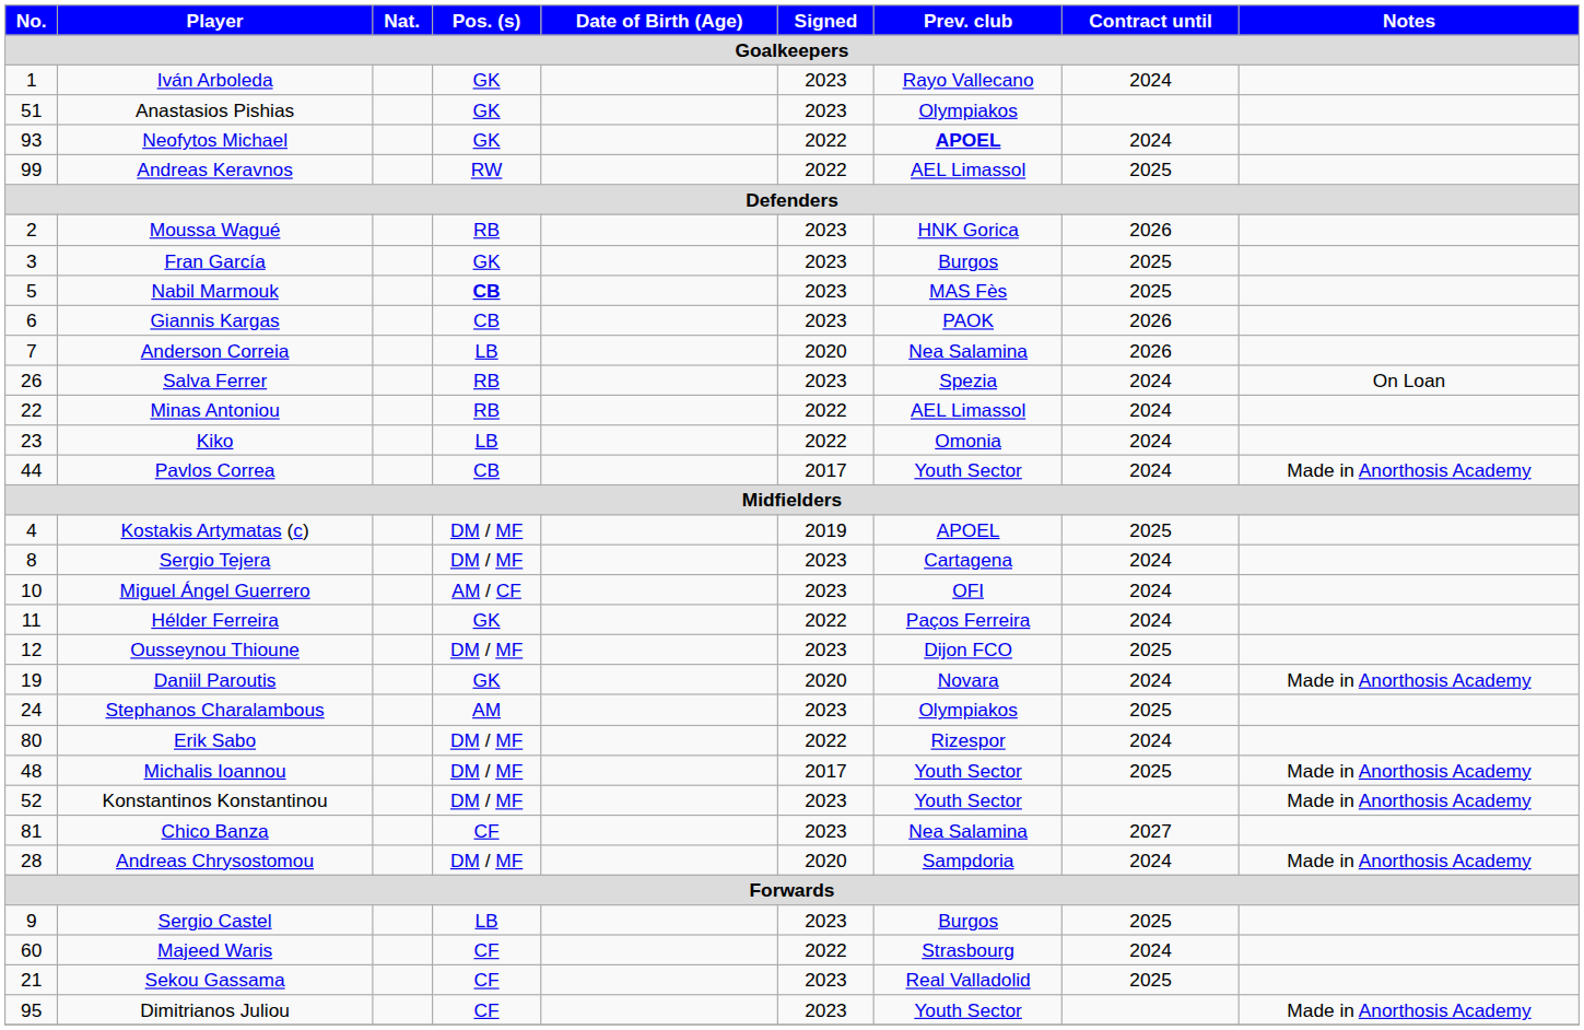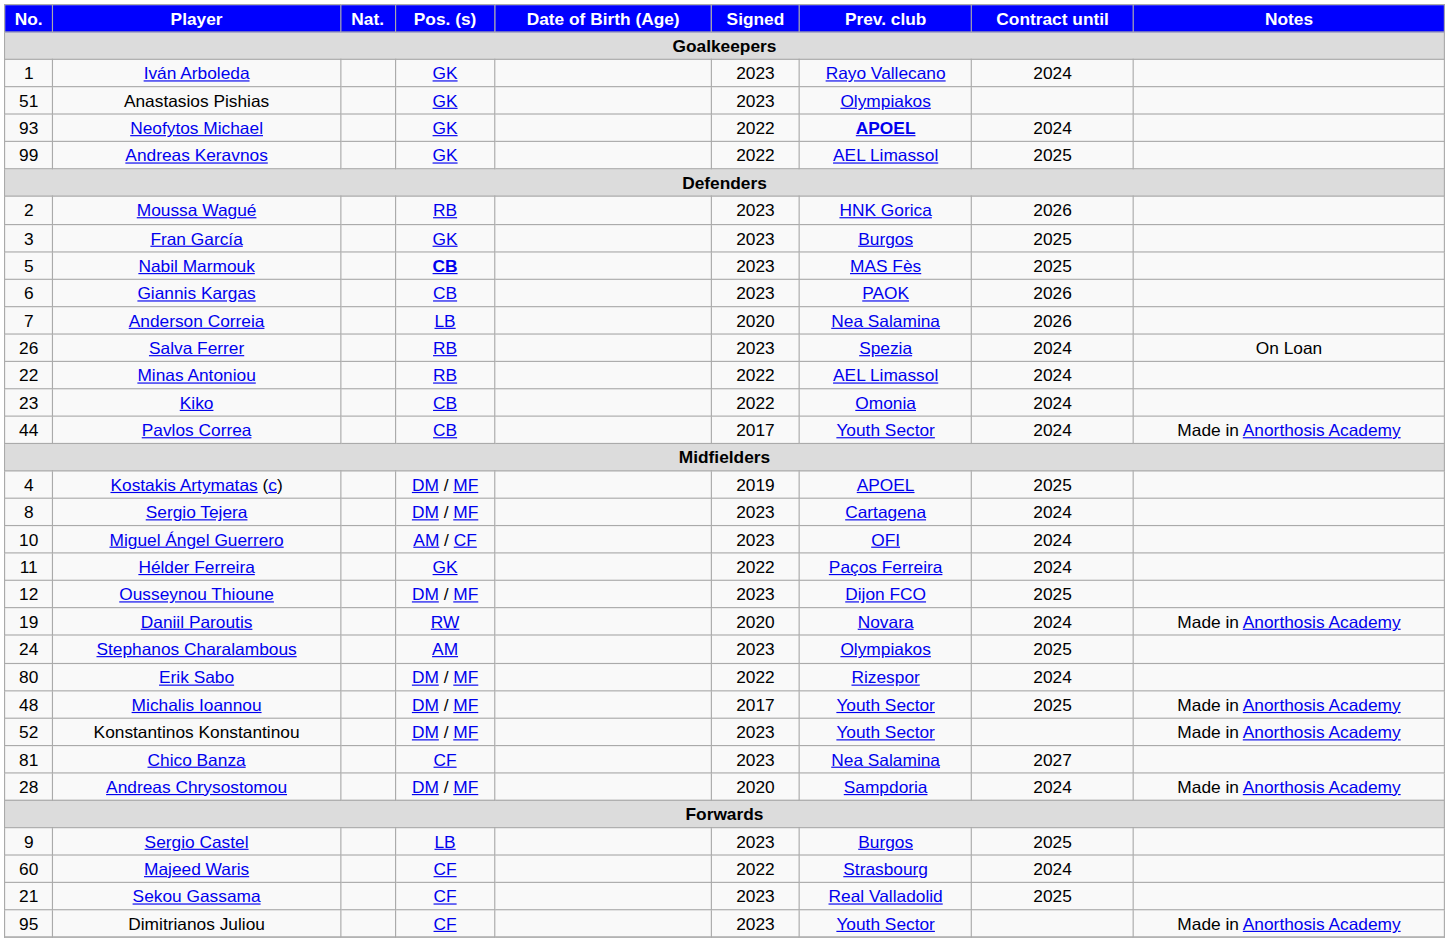 <table class="wikitable" style="text-align:center; font-size:95%; width:100%;">
 <tr>
 <th style="background:#0000FF; color:#FFFFFF; ">No.</th>
 <th style="background:#0000FF; color:#FFFFFF; ">Player</th>
 <th style="background:#0000FF; color:#FFFFFF; ">Nat.</th>
 <th style="background:#0000FF; color:#FFFFFF; ">Pos. (s)</th>
 <th style="background:#0000FF; color:#FFFFFF; ">Date of Birth (Age)</th>
 <th style="background:#0000FF; color:#FFFFFF; ">Signed</th>
 <th style="background:#0000FF; color:#FFFFFF; ">Prev. club</th>
 <th style="background:#0000FF; color:#FFFFFF; ">Contract until</th>
 <th style="background:#0000FF; color:#FFFFFF; ">Notes</th>
 </tr>
 <tr>
 <th colspan="9" style="background:#dcdcdc; tepxt-align:center;">Goalkeepers</th>
 </tr>
 <tr>
 <td>1</td>
 <td><a href='#'>Iván Arboleda</a></td>
 <td></td>
 <td><a href='#'>GK</a></td>
 <td></td>
 <td>2023</td>
 <td> <a href='#'>Rayo Vallecano</a></td>
 <td>2024</td>
 <td></td>
 </tr>
 <tr>
 <td>51</td>
 <td>Anastasios Pishias</td>
 <td></td>
 <td><a href='#'>GK</a></td>
 <td></td>
 <td>2023</td>
 <td> <a href='#'>Olympiakos</a></td>
 <td></td>
 <td></td>
 </tr>
 <tr>
 <td>93</td>
 <td><a href='#'>Neofytos Michael</a></td>
 <td></td>
 <td><a href='#'>GK</a></td>
 <td></td>
 <td>2022</td>
 <td><strong> <a href='#'>APOEL</a></strong></td>
 <td>2024</td>
 <td></td>
 </tr>
 <tr>
 <td>99</td>
 <td><a href='#'>Andreas Keravnos</a></td>
 <td></td>
-<td><a href='#'>RW</a></td>
+<td><a href='#'>GK</a></td>
 <td></td>
 <td>2022</td>
 <td> <a href='#'>AEL Limassol</a></td>
 <td>2025</td>
 <td></td>
 </tr>
 <tr>
 <th colspan="9" style="background:#dcdcdc; tepxt-align:center;">Defenders</th>
 </tr>
 <tr>
 <td>2</td>
 <td><a href='#'>Moussa Wagué</a></td>
 <td></td>
 <td><a href='#'>RB</a></td>
 <td></td>
 <td>2023</td>
 <td> <a href='#'>HNK Gorica</a></td>
 <td>2026</td>
 <td></td>
 </tr>
 <tr>
 <td>3</td>
 <td><a href='#'>Fran García</a></td>
 <td></td>
 <td><a href='#'>GK</a></td>
 <td></td>
 <td>2023</td>
 <td> <a href='#'>Burgos</a></td>
 <td>2025</td>
 <td></td>
 </tr>
 <tr>
 <td>5</td>
 <td><a href='#'>Nabil Marmouk</a></td>
 <td></td>
 <td><strong><a href='#'>CB</a></strong></td>
 <td></td>
 <td>2023</td>
 <td> <a href='#'>MAS Fès</a></td>
 <td>2025</td>
 <td></td>
 </tr>
 <tr>
 <td>6</td>
 <td><a href='#'>Giannis Kargas</a></td>
 <td></td>
 <td><a href='#'>CB</a></td>
 <td></td>
 <td>2023</td>
 <td> <a href='#'>PAOK</a></td>
 <td>2026</td>
 <td></td>
 </tr>
 <tr>
 <td>7</td>
 <td><a href='#'>Anderson Correia</a></td>
 <td></td>
 <td><a href='#'>LB</a></td>
 <td></td>
 <td>2020</td>
 <td> <a href='#'>Nea Salamina</a></td>
 <td>2026</td>
 <td></td>
 </tr>
 <tr>
 <td>26</td>
 <td><a href='#'>Salva Ferrer</a></td>
 <td></td>
 <td><a href='#'>RB</a></td>
 <td></td>
 <td>2023</td>
 <td> <a href='#'>Spezia</a></td>
 <td>2024</td>
 <td>On Loan</td>
 </tr>
 <tr>
 <td>22</td>
 <td><a href='#'>Minas Antoniou</a></td>
 <td></td>
 <td><a href='#'>RB</a></td>
 <td></td>
 <td>2022</td>
 <td> <a href='#'>AEL Limassol</a></td>
 <td>2024</td>
 <td></td>
 </tr>
 <tr>
 <td>23</td>
 <td><a href='#'>Kiko</a></td>
 <td></td>
-<td><a href='#'>LB</a></td>
+<td><a href='#'>CB</a></td>
 <td></td>
 <td>2022</td>
 <td> <a href='#'>Omonia</a></td>
 <td>2024</td>
 <td></td>
 </tr>
 <tr>
 <td>44</td>
 <td><a href='#'>Pavlos Correa</a></td>
 <td></td>
 <td><a href='#'>CB</a></td>
 <td></td>
 <td>2017</td>
 <td> <a href='#'>Youth Sector</a></td>
 <td>2024</td>
 <td>Made in <a href='#'>Anorthosis Academy</a></td>
 </tr>
 <tr>
 <th colspan="9" style="background:#dcdcdc; tepxt-align:center;">Midfielders</th>
 </tr>
 <tr>
 <td>4</td>
 <td><a href='#'>Kostakis Artymatas</a> (<a href='#'>c</a>)</td>
 <td></td>
 <td><a href='#'>DM</a> / <a href='#'>MF</a></td>
 <td></td>
 <td>2019</td>
 <td> <a href='#'>APOEL</a></td>
 <td>2025</td>
 <td></td>
 </tr>
 <tr>
 <td>8</td>
 <td><a href='#'>Sergio Tejera</a></td>
 <td></td>
 <td><a href='#'>DM</a> / <a href='#'>MF</a></td>
 <td></td>
 <td>2023</td>
 <td> <a href='#'>Cartagena</a></td>
 <td>2024</td>
 <td></td>
 </tr>
 <tr>
 <td>10</td>
 <td><a href='#'>Miguel Ángel Guerrero</a></td>
 <td></td>
 <td><a href='#'>AM</a> / <a href='#'>CF</a></td>
 <td></td>
 <td>2023</td>
 <td> <a href='#'>OFI</a></td>
 <td>2024</td>
 <td></td>
 </tr>
 <tr>
 <td>11</td>
 <td><a href='#'>Hélder Ferreira</a></td>
 <td></td>
 <td><a href='#'>GK</a></td>
 <td></td>
 <td>2022</td>
 <td> <a href='#'>Paços Ferreira</a></td>
 <td>2024</td>
 <td></td>
 </tr>
 <tr>
 <td>12</td>
 <td><a href='#'>Ousseynou Thioune</a></td>
 <td></td>
 <td><a href='#'>DM</a> / <a href='#'>MF</a></td>
 <td></td>
 <td>2023</td>
 <td> <a href='#'>Dijon FCO</a></td>
 <td>2025</td>
 <td></td>
 </tr>
 <tr>
 <td>19</td>
 <td><a href='#'>Daniil Paroutis</a></td>
 <td></td>
-<td><a href='#'>GK</a></td>
+<td><a href='#'>RW</a></td>
 <td></td>
 <td>2020</td>
 <td> <a href='#'>Novara</a></td>
 <td>2024</td>
 <td>Made in <a href='#'>Anorthosis Academy</a></td>
 </tr>
 <tr>
 <td>24</td>
 <td><a href='#'>Stephanos Charalambous</a></td>
 <td></td>
 <td><a href='#'>AM</a></td>
 <td></td>
 <td>2023</td>
 <td> <a href='#'>Olympiakos</a></td>
 <td>2025</td>
 <td></td>
 </tr>
 <tr>
 <td>80</td>
 <td><a href='#'>Erik Sabo</a></td>
 <td></td>
 <td><a href='#'>DM</a> / <a href='#'>MF</a></td>
 <td></td>
 <td>2022</td>
 <td> <a href='#'>Rizespor</a></td>
 <td>2024</td>
 <td></td>
 </tr>
 <tr>
 <td>48</td>
 <td><a href='#'>Michalis Ioannou</a></td>
 <td></td>
 <td><a href='#'>DM</a> / <a href='#'>MF</a></td>
 <td></td>
 <td>2017</td>
 <td> <a href='#'>Youth Sector</a></td>
 <td>2025</td>
 <td>Made in <a href='#'>Anorthosis Academy</a></td>
 </tr>
 <tr>
 <td>52</td>
 <td>Konstantinos Konstantinou</td>
 <td></td>
 <td><a href='#'>DM</a> / <a href='#'>MF</a></td>
 <td></td>
 <td>2023</td>
 <td> <a href='#'>Youth Sector</a></td>
 <td></td>
 <td>Made in <a href='#'>Anorthosis Academy</a></td>
 </tr>
 <tr>
 <td>81</td>
 <td><a href='#'>Chico Banza</a></td>
 <td></td>
 <td><a href='#'>CF</a></td>
 <td></td>
 <td>2023</td>
 <td> <a href='#'>Nea Salamina</a></td>
 <td>2027</td>
 <td></td>
 </tr>
 <tr>
 <td>28</td>
 <td><a href='#'>Andreas Chrysostomou</a></td>
 <td></td>
 <td><a href='#'>DM</a> / <a href='#'>MF</a></td>
 <td></td>
 <td>2020</td>
 <td> <a href='#'>Sampdoria</a></td>
 <td>2024</td>
 <td>Made in <a href='#'>Anorthosis Academy</a></td>
 </tr>
 <tr>
 <th colspan="9" style="background:#dcdcdc; tepxt-align:center;">Forwards</th>
 </tr>
 <tr>
 <td>9</td>
 <td><a href='#'>Sergio Castel</a></td>
 <td></td>
 <td><a href='#'>LB</a></td>
 <td></td>
 <td>2023</td>
 <td> <a href='#'>Burgos</a></td>
 <td>2025</td>
 <td></td>
 </tr>
 <tr>
 <td>60</td>
 <td><a href='#'>Majeed Waris</a></td>
 <td></td>
 <td><a href='#'>CF</a></td>
 <td></td>
 <td>2022</td>
 <td> <a href='#'>Strasbourg</a></td>
 <td>2024</td>
 <td></td>
 </tr>
 <tr>
 <td>21</td>
 <td><a href='#'>Sekou Gassama</a></td>
 <td></td>
 <td><a href='#'>CF</a></td>
 <td></td>
 <td>2023</td>
 <td> <a href='#'>Real Valladolid</a></td>
 <td>2025</td>
 <td></td>
 </tr>
 <tr>
 <td>95</td>
 <td>Dimitrianos Juliou</td>
 <td></td>
 <td><a href='#'>CF</a></td>
 <td></td>
 <td>2023</td>
 <td> <a href='#'>Youth Sector</a></td>
 <td></td>
 <td>Made in <a href='#'>Anorthosis Academy</a></td>
 </tr>
 <tr>
 </tr>
 </table>
